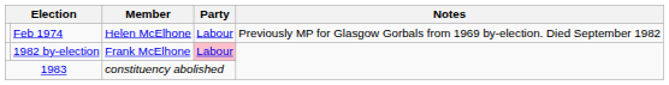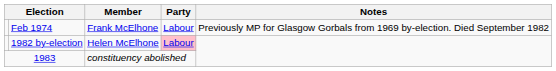 <table class="wikitable">
 <tr>
 <th colspan="2">Election</th>
 <th>Member</th>
 <th>Party</th>
 <th>Notes</th>
 </tr>
 <tr>
 <td style="color:inherit;background-color: "></td>
 <td><a href='#'>Feb 1974</a></td>
-<td><a href='#'>Helen McElhone</a></td>
+<td><a href='#'>Frank McElhone</a></td>
 <td><a href='#'>Labour</a></td>
 <td>Previously MP for Glasgow Gorbals from 1969 by-election. Died September 1982</td>
 </tr>
 <tr>
 <td style="color:inherit;background-color: "></td>
 <td><a href='#'>1982 by-election</a></td>
-<td><a href='#'>Frank McElhone</a></td>
+<td><a href='#'>Helen McElhone</a></td>
 <td style="background: pink;"><a href='#'>Labour</a></td>
 </tr>
 <tr>
 <td colspan="2" align="center"><a href='#'>1983</a></td>
 <td colspan="2"><em>constituency abolished</em></td>
 </tr>
 </table>
